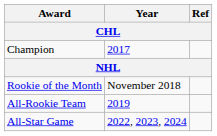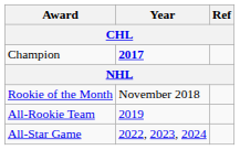 <table class="wikitable">
 <tr>
 <th>Award</th>
 <th>Year</th>
 <th>Ref</th>
 </tr>
 <tr>
 <th colspan="3"><a href='#'>CHL</a></th>
 </tr>
 <tr>
 <td>Champion</td>
-<td><a href='#'>2017</a></td>
+<td><strong><a href='#'>2017</a></strong></td>
 <td></td>
 </tr>
 <tr>
 <th colspan="3"><a href='#'>NHL</a></th>
 </tr>
 <tr>
 <td><a href='#'>Rookie of the Month</a></td>
 <td>November 2018</td>
 <td></td>
 </tr>
 <tr>
 <td><a href='#'>All-Rookie Team</a></td>
 <td><a href='#'>2019</a></td>
 <td></td>
 </tr>
 <tr>
 <td><a href='#'>All-Star Game</a></td>
 <td><a href='#'>2022</a>, <a href='#'>2023</a>, <a href='#'>2024</a></td>
 <td></td>
 </tr>
 </table>
